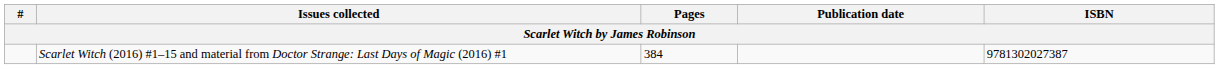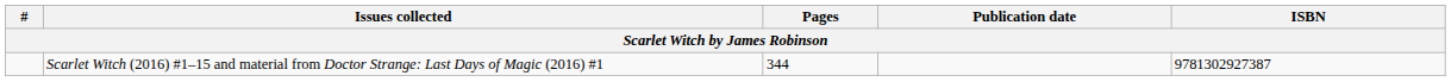 <table class="wikitable sortable" width=98%>
 <tr>
 <th class="unsortable">#</th>
 <th class="unsortable" width="50%">Issues collected</th>
 <th>Pages</th>
 <th>Publication date</th>
 <th class="unsortable">ISBN</th>
 </tr>
 <tr>
 <th colspan="5"><strong><em>Scarlet Witch by James Robinson</em></strong></th>
 </tr>
 <tr>
 <td></td>
 <td><em>Scarlet Witch</em> (2016) #1–15 and material from <em>Doctor Strange: Last Days of Magic</em> (2016) #1</td>
-<td>384</td>
+<td>344</td>
 <td></td>
-<td>9781302027387</td>
+<td>9781302927387</td>
 </tr>
 </table>
